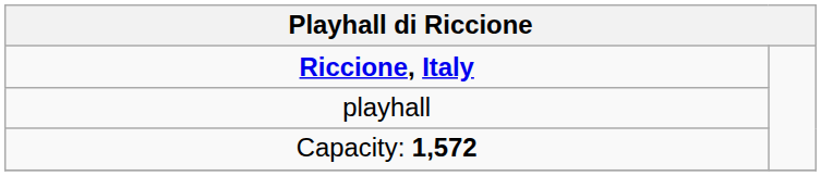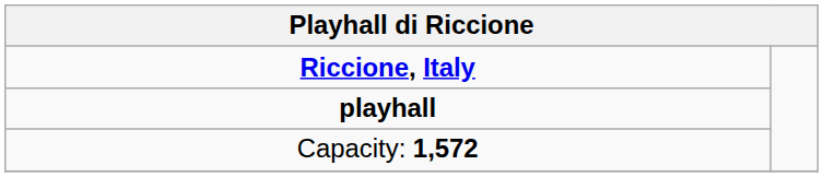 <table class="wikitable" style="text-align: center; width: 500px;">
 <tr>
 <th colspan="2" style="width: 50%;">Playhall di Riccione</th>
 </tr>
 <tr>
 <td><strong> <a href='#'>Riccione</a>, <a href='#'>Italy</a></strong></td>
 <td rowspan="3"></td>
 </tr>
 <tr>
-<td>playhall</td>
+<td><strong>playhall</strong></td>
 </tr>
 <tr>
 <td>Capacity: <strong>1,572</strong></td>
 </tr>
 <tr>
 </tr>
 </table>
